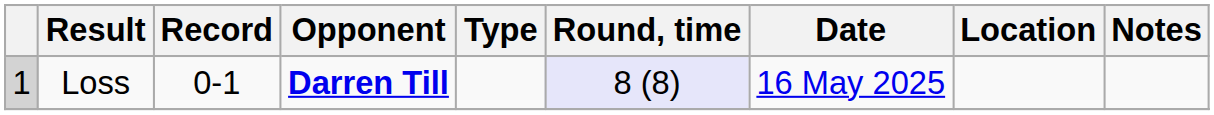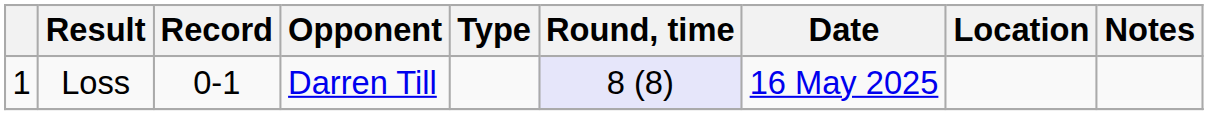 <table class="wikitable" style="text-align:center">
 <tr>
 <th></th>
 <th>Result</th>
 <th>Record</th>
 <th>Opponent</th>
 <th>Type</th>
 <th>Round, time</th>
 <th>Date</th>
 <th>Location</th>
 <th>Notes</th>
 </tr>
 <tr>
-<td style="background: lightgrey;">1</td>
+<td>1</td>
 <td>Loss</td>
 <td>0-1</td>
-<td align="left"><strong><a href='#'>Darren Till</a></strong></td>
+<td align="left"><a href='#'>Darren Till</a></td>
 <td></td>
 <td style="background: lavender;">8 (8)</td>
 <td><a href='#'>16 May 2025</a></td>
 <td style="text-align:left;"></td>
 <td style="text-align:left;"></td>
 </tr>
 <tr>
 </tr>
 </table>
